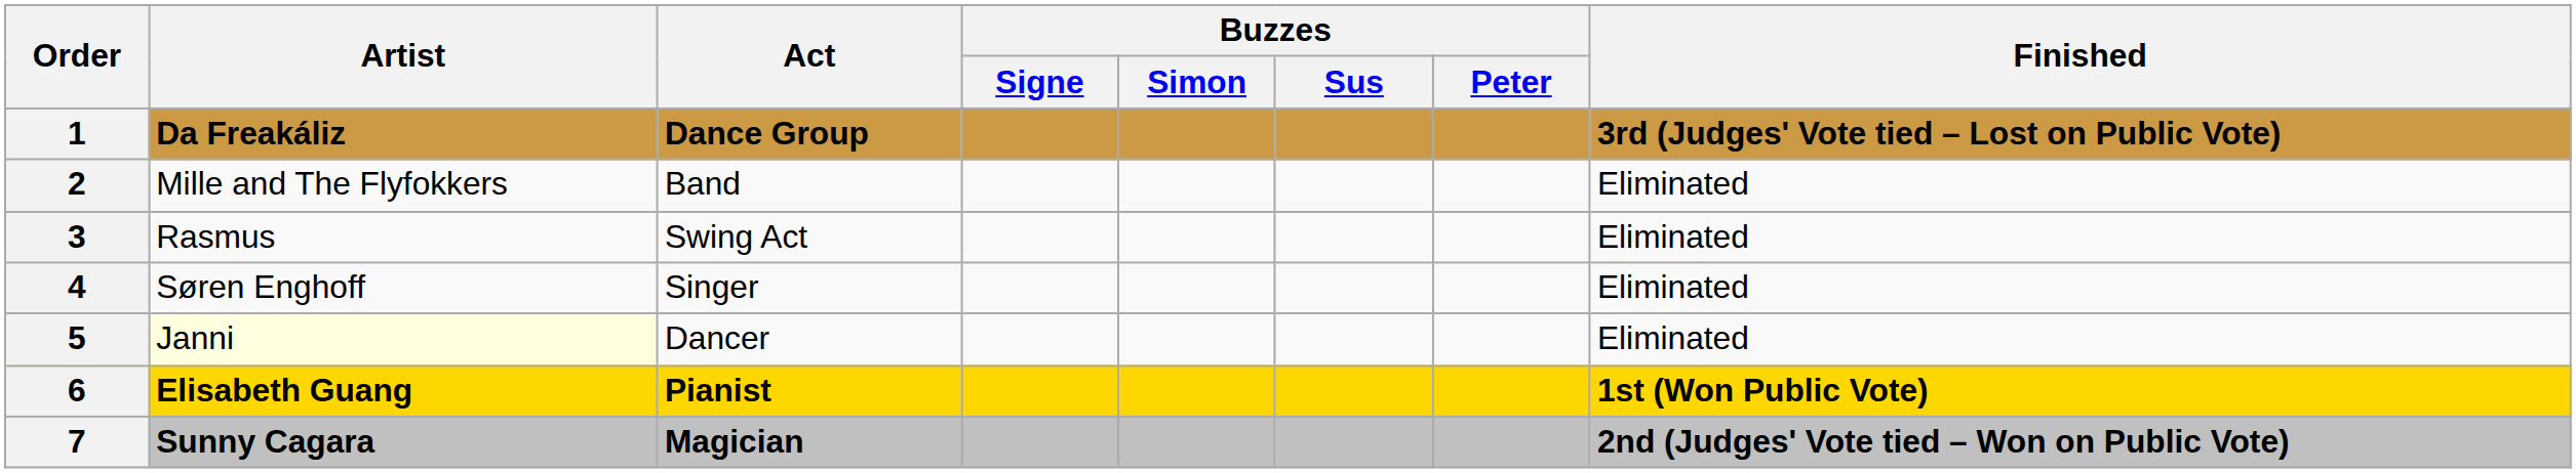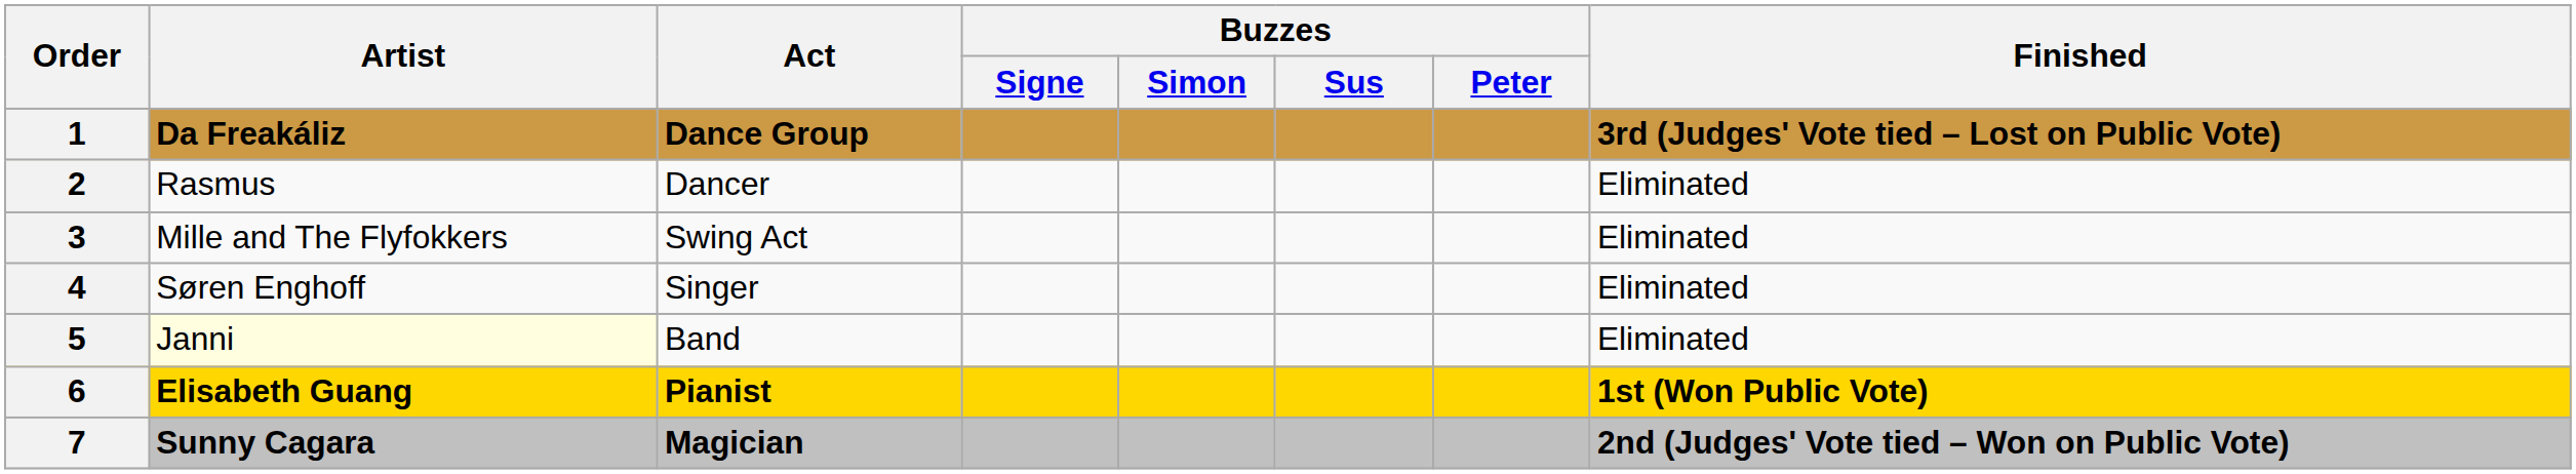 <table class="wikitable sortable" width="100%">
 <tr>
 <th rowspan="2">Order</th>
 <th rowspan="2" class="unsortable">Artist</th>
 <th rowspan="2" class="unsortable">Act</th>
 <th colspan="4" class="unsortable">Buzzes</th>
 <th rowspan="2">Finished</th>
 </tr>
 <tr>
 <th width="70"><a href='#'>Signe</a></th>
 <th width="70"><a href='#'>Simon</a></th>
 <th width="70"><a href='#'>Sus</a></th>
 <th width="70"><a href='#'>Peter</a></th>
 </tr>
 <tr style="background:#c94;">
 <th>1</th>
 <td><strong>Da Freakáliz</strong></td>
 <td><strong>Dance Group</strong></td>
 <td></td>
 <td align="center"></td>
 <td align="center"></td>
 <td></td>
 <td><strong>3rd (Judges' Vote tied – Lost on Public Vote)</strong></td>
 </tr>
 <tr>
 <th>2</th>
-<td>Mille and The Flyfokkers </td>
-<td>Band</td>
+<td>Rasmus</td>
+<td>Dancer</td>
 <td></td>
 <td></td>
 <td></td>
 <td></td>
 <td>Eliminated</td>
 </tr>
 <tr>
 <th>3</th>
-<td>Rasmus</td>
+<td>Mille and The Flyfokkers </td>
 <td>Swing Act</td>
 <td></td>
 <td></td>
 <td></td>
 <td></td>
 <td>Eliminated</td>
 </tr>
 <tr>
 <th>4</th>
 <td>Søren Enghoff</td>
 <td>Singer</td>
 <td></td>
 <td></td>
 <td align="center"></td>
 <td></td>
 <td>Eliminated</td>
 </tr>
 <tr>
 <th>5</th>
 <td style="background: lightyellow;">Janni</td>
-<td>Dancer</td>
+<td>Band</td>
 <td></td>
 <td align="center"></td>
 <td></td>
 <td align="center"></td>
 <td>Eliminated</td>
 </tr>
 <tr style="background:gold;">
 <th>6</th>
 <td><strong>Elisabeth Guang</strong></td>
 <td><strong>Pianist</strong></td>
 <td></td>
 <td></td>
 <td></td>
 <td></td>
 <td><strong>1st (Won Public Vote)</strong></td>
 </tr>
 <tr style="background:silver;">
 <th>7</th>
 <td><strong>Sunny Cagara</strong></td>
 <td><strong>Magician</strong></td>
 <td align="center"></td>
 <td></td>
 <td></td>
 <td align="center"></td>
 <td><strong>2nd (Judges' Vote tied – Won on Public Vote)</strong></td>
 </tr>
 </table>
